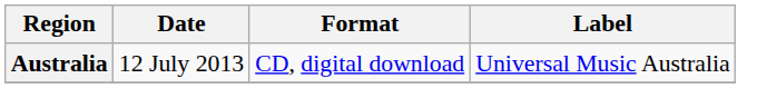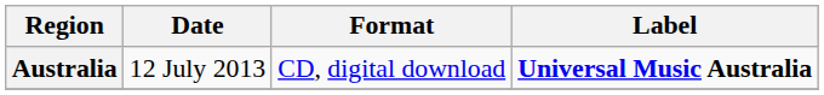 <table class="wikitable plainrowheaders">
 <tr>
 <th scope="col">Region</th>
 <th scope="col">Date</th>
 <th scope="col">Format</th>
 <th scope="col">Label</th>
 </tr>
 <tr>
 <th scope="row">Australia</th>
 <td>12 July 2013</td>
 <td><a href='#'>CD</a>, <a href='#'>digital download</a></td>
-<td><a href='#'>Universal Music</a> Australia</td>
+<td><strong><a href='#'>Universal Music</a> Australia</strong></td>
 </tr>
 <tr>
 </tr>
 </table>
